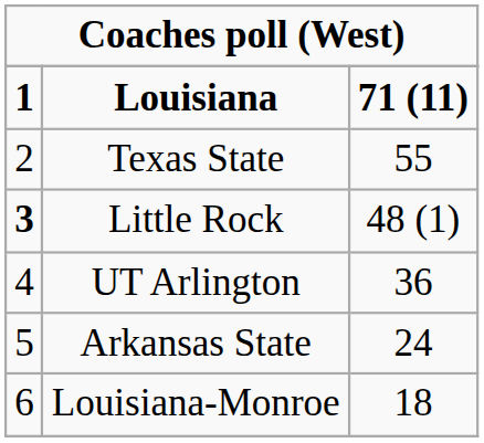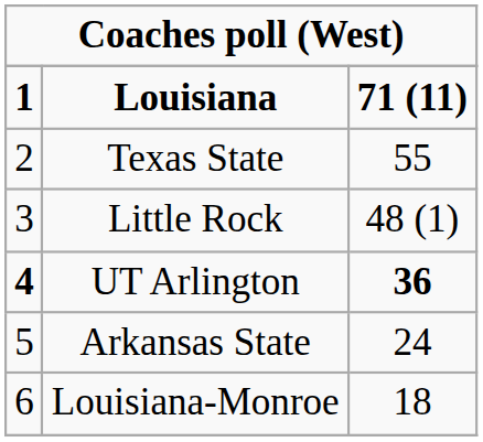 <table class="wikitable">
 <tr align="center">
 <td align="center" Colspan="3"><strong>Coaches poll (West)</strong></td>
 </tr>
 <tr align="center">
 </tr>
 <tr align="center">
 <td><strong>1</strong></td>
 <td><strong>Louisiana</strong></td>
 <td><strong>71 (11)</strong></td>
 </tr>
 <tr align="center">
 <td>2</td>
 <td>Texas State</td>
 <td>55</td>
 </tr>
 <tr align="center">
-<td><strong>3</strong></td>
+<td>3</td>
 <td>Little Rock</td>
 <td>48 (1)</td>
 </tr>
 <tr align="center">
-<td>4</td>
+<td><strong>4</strong></td>
 <td>UT Arlington</td>
-<td>36</td>
+<td><strong>36</strong></td>
 </tr>
 <tr align="center">
 <td>5</td>
 <td>Arkansas State</td>
 <td>24</td>
 </tr>
 <tr align="center">
 <td>6</td>
 <td>Louisiana-Monroe</td>
 <td>18</td>
 </tr>
 <tr align="center">
 </tr>
 </table>
